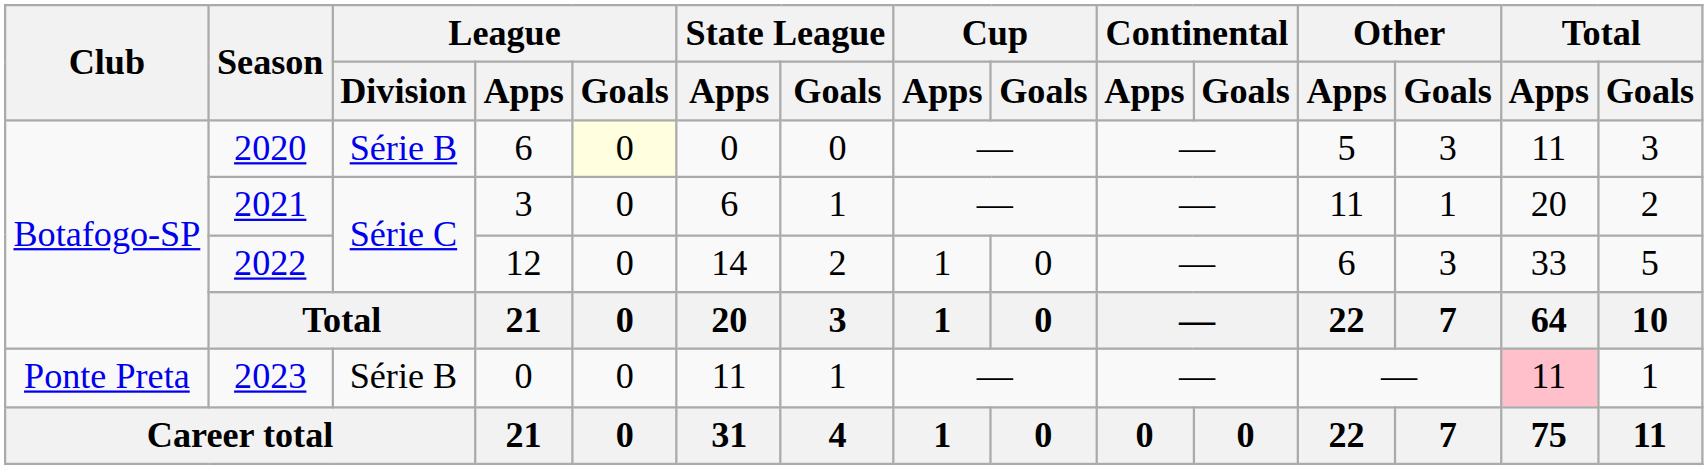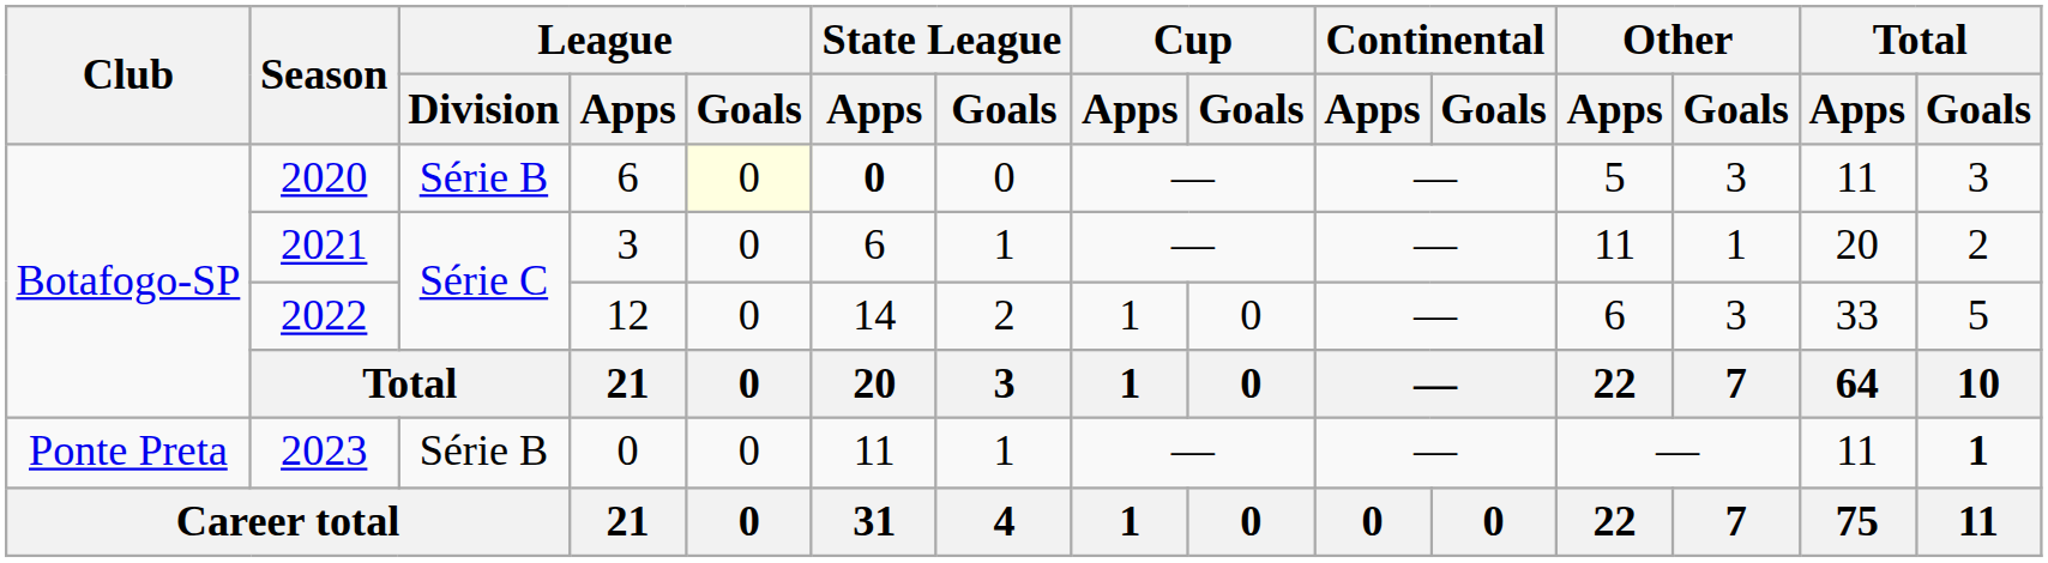 <table class="wikitable" style="text-align:center">
 <tr>
 <th rowspan="2">Club</th>
 <th rowspan="2">Season</th>
 <th colspan="3">League</th>
 <th colspan="2">State League</th>
 <th colspan="2">Cup</th>
 <th colspan="2">Continental</th>
 <th colspan="2">Other</th>
 <th colspan="2">Total</th>
 </tr>
 <tr>
 <th>Division</th>
 <th>Apps</th>
 <th>Goals</th>
 <th>Apps</th>
 <th>Goals</th>
 <th>Apps</th>
 <th>Goals</th>
 <th>Apps</th>
 <th>Goals</th>
 <th>Apps</th>
 <th>Goals</th>
 <th>Apps</th>
 <th>Goals</th>
 </tr>
 <tr>
 <td rowspan="4"><a href='#'>Botafogo-SP</a></td>
 <td><a href='#'>2020</a></td>
 <td><a href='#'>Série B</a></td>
 <td>6</td>
 <td style="background: lightyellow;">0</td>
-<td>0</td>
+<td><strong>0</strong></td>
 <td>0</td>
 <td colspan="2">—</td>
 <td colspan="2">—</td>
 <td>5</td>
 <td>3</td>
 <td>11</td>
 <td>3</td>
 </tr>
 <tr>
 <td><a href='#'>2021</a></td>
 <td rowspan="2"><a href='#'>Série C</a></td>
 <td>3</td>
 <td>0</td>
 <td>6</td>
 <td>1</td>
 <td colspan="2">—</td>
 <td colspan="2">—</td>
 <td>11</td>
 <td>1</td>
 <td>20</td>
 <td>2</td>
 </tr>
 <tr>
 <td><a href='#'>2022</a></td>
 <td>12</td>
 <td>0</td>
 <td>14</td>
 <td>2</td>
 <td>1</td>
 <td>0</td>
 <td colspan="2">—</td>
 <td>6</td>
 <td>3</td>
 <td>33</td>
 <td>5</td>
 </tr>
 <tr>
 <th colspan="2">Total</th>
 <th>21</th>
 <th>0</th>
 <th>20</th>
 <th>3</th>
 <th>1</th>
 <th>0</th>
 <th colspan="2">—</th>
 <th>22</th>
 <th>7</th>
 <th>64</th>
 <th>10</th>
 </tr>
 <tr>
 <td><a href='#'>Ponte Preta</a></td>
 <td><a href='#'>2023</a></td>
 <td>Série B</td>
 <td>0</td>
 <td>0</td>
 <td>11</td>
 <td>1</td>
 <td colspan="2">—</td>
 <td colspan="2">—</td>
 <td colspan="2">—</td>
-<td style="background: pink;">11</td>
-<td>1</td>
+<td>11</td>
+<td><strong>1</strong></td>
 </tr>
 <tr>
 <th colspan="3">Career total</th>
 <th>21</th>
 <th>0</th>
 <th>31</th>
 <th>4</th>
 <th>1</th>
 <th>0</th>
 <th>0</th>
 <th>0</th>
 <th>22</th>
 <th>7</th>
 <th>75</th>
 <th>11</th>
 </tr>
 </table>
